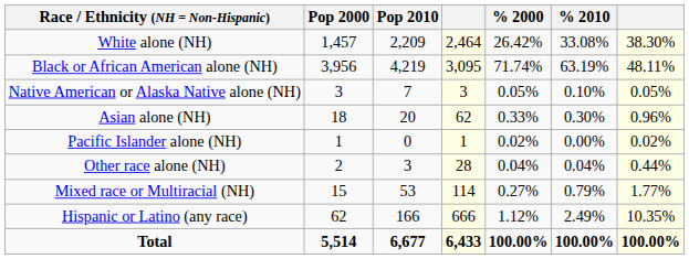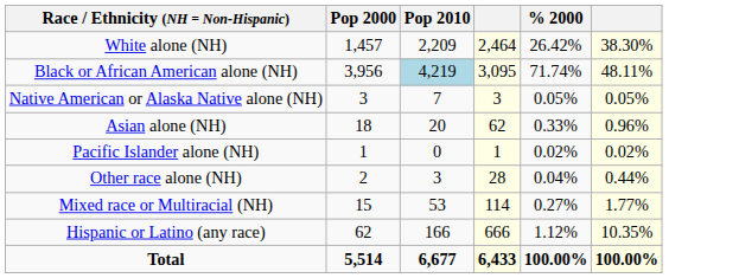 <table class="wikitable" style="text-align:center;">
 <tr>
 <th>Race / Ethnicity <small>(<em>NH = Non-Hispanic</em>)</small></th>
 <th>Pop 2000</th>
 <th>Pop 2010</th>
 <th></th>
 <th>% 2000</th>
-<th>% 2010</th>
 <th></th>
 </tr>
 <tr>
 <td><a href='#'>White</a> alone (NH)</td>
 <td>1,457</td>
 <td>2,209</td>
 <td style='background: #ffffe6;'>2,464</td>
 <td>26.42%</td>
-<td>33.08%</td>
 <td style='background: #ffffe6;'>38.30%</td>
 </tr>
 <tr>
 <td><a href='#'>Black or African American</a> alone (NH)</td>
 <td>3,956</td>
-<td>4,219</td>
+<td style="background: lightblue;">4,219</td>
 <td style='background: #ffffe6;'>3,095</td>
 <td>71.74%</td>
-<td>63.19%</td>
 <td style='background: #ffffe6;'>48.11%</td>
 </tr>
 <tr>
 <td><a href='#'>Native American</a> or <a href='#'>Alaska Native</a> alone (NH)</td>
 <td>3</td>
 <td>7</td>
 <td style='background: #ffffe6;'>3</td>
 <td>0.05%</td>
-<td>0.10%</td>
 <td style='background: #ffffe6;'>0.05%</td>
 </tr>
 <tr>
 <td><a href='#'>Asian</a> alone (NH)</td>
 <td>18</td>
 <td>20</td>
 <td style='background: #ffffe6;'>62</td>
 <td>0.33%</td>
-<td>0.30%</td>
 <td style='background: #ffffe6;'>0.96%</td>
 </tr>
 <tr>
 <td><a href='#'>Pacific Islander</a> alone (NH)</td>
 <td>1</td>
 <td>0</td>
 <td style='background: #ffffe6;'>1</td>
 <td>0.02%</td>
-<td>0.00%</td>
 <td style='background: #ffffe6;'>0.02%</td>
 </tr>
 <tr>
 <td><a href='#'>Other race</a> alone (NH)</td>
 <td>2</td>
 <td>3</td>
 <td style='background: #ffffe6;'>28</td>
-<td>0.04%</td>
 <td>0.04%</td>
 <td style='background: #ffffe6;'>0.44%</td>
 </tr>
 <tr>
 <td><a href='#'>Mixed race or Multiracial</a> (NH)</td>
 <td>15</td>
 <td>53</td>
 <td style='background: #ffffe6;'>114</td>
 <td>0.27%</td>
-<td>0.79%</td>
 <td style='background: #ffffe6;'>1.77%</td>
 </tr>
 <tr>
 <td><a href='#'>Hispanic or Latino</a> (any race)</td>
 <td>62</td>
 <td>166</td>
 <td style='background: #ffffe6;'>666</td>
 <td>1.12%</td>
-<td>2.49%</td>
 <td style='background: #ffffe6;'>10.35%</td>
 </tr>
 <tr>
 <td><strong>Total</strong></td>
 <td><strong>5,514</strong></td>
 <td><strong>6,677</strong></td>
 <td style='background: #ffffe6;'><strong>6,433</strong></td>
 <td><strong>100.00%</strong></td>
-<td><strong>100.00%</strong></td>
 <td style='background: #ffffe6;'><strong>100.00%</strong></td>
 </tr>
 </table>
